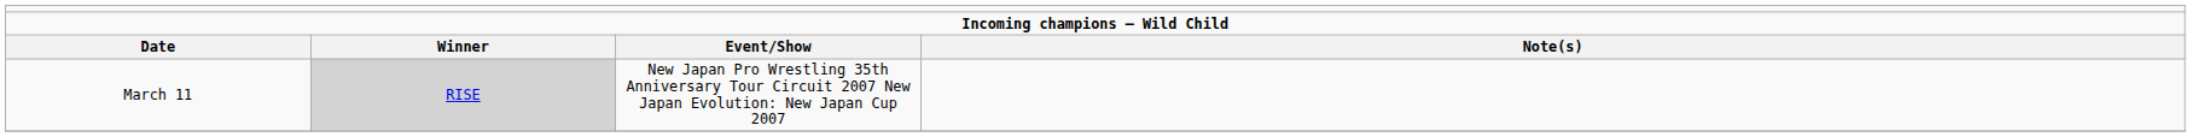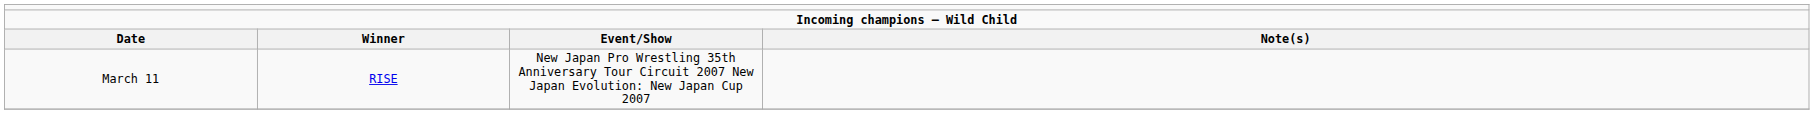 <table class="wikitable" style="text-align:center; width:100%;">
 <tr>
 <td colspan="5"></td>
 </tr>
 <tr>
 <td colspan="5"><strong>Incoming champions – Wild Child </strong></td>
 </tr>
 <tr>
 <th width=14%>Date</th>
 <th width=14%>Winner</th>
 <th width=14%>Event/Show</th>
 <th width=58%>Note(s)</th>
 </tr>
 <tr>
 <td>March 11</td>
-<td style="background: lightgrey;"><a href='#'>RISE</a><br></td>
+<td><a href='#'>RISE</a><br></td>
 <td>New Japan Pro Wrestling 35th Anniversary Tour Circuit 2007 New Japan Evolution: New Japan Cup 2007</td>
 <td align="left"></td>
 </tr>
 <tr>
 </tr>
 </table>
